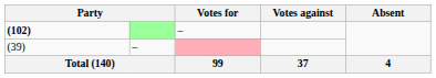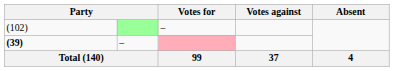 <table class="wikitable" style="width:50%;">
 <tr>
 <th colspan="2">Party</th>
 <th style="width:20%;">Votes for</th>
 <th style="width:20%;">Votes against</th>
 <th style="width:20%;">Absent</th>
 </tr>
 <tr>
-<td><strong> (102)</strong></td>
+<td> (102)</td>
 <td style="background-color:#9f9;"></td>
 <td>–</td>
 <td></td>
 </tr>
 <tr>
-<td> (39)</td>
+<td><strong> (39)</strong></td>
 <td>–</td>
 <td style="background-color:#ffaeb9;"></td>
 <td></td>
 </tr>
 <tr>
 <th colspan="2">Total (140)</th>
 <th>99</th>
 <th>37</th>
 <th>4</th>
 </tr>
 </table>
